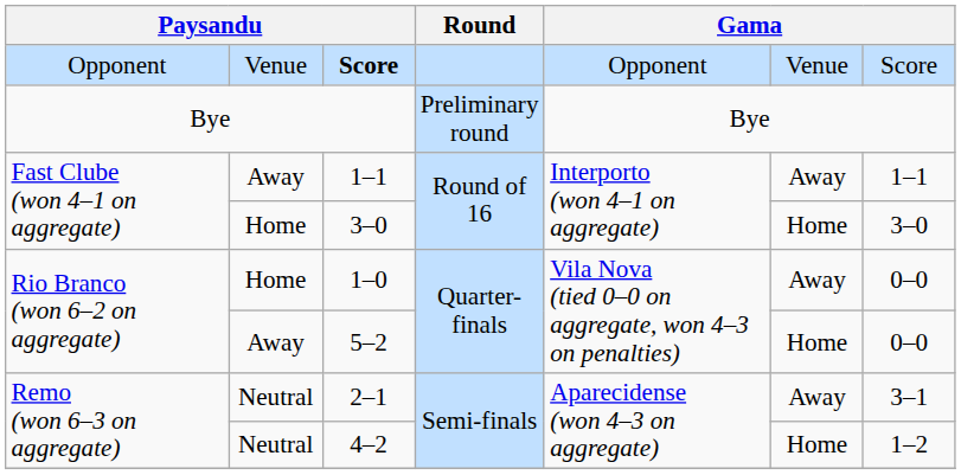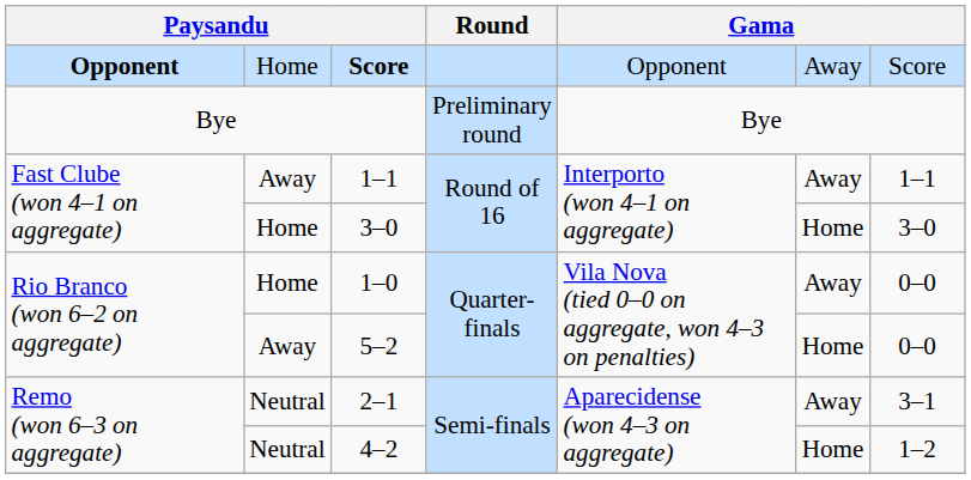 <table class="wikitable" style="text-align: center;">
 <tr>
 <th colspan=3> <a href='#'>Paysandu</a></th>
 <th>Round</th>
 <th colspan=3> <a href='#'>Gama</a></th>
 </tr>
 <tr bgcolor=#c1e0ff>
-<td width=25%>Opponent</td>
-<td width=10%>Venue</td>
+<td width=25%><strong>Opponent</strong></td>
+<td>Home</td>
 <td width=10%><strong>Score</strong></td>
 <td width=10%></td>
 <td width=25%>Opponent</td>
-<td width=10%>Venue</td>
+<td>Away</td>
 <td width=10%>Score</td>
 </tr>
 <tr>
 <td colspan="3" rowspan="1">Bye</td>
 <td rowspan=1 bgcolor=#c1e0ff>Preliminary round</td>
 <td colspan="3" rowspan="1">Bye</td>
 </tr>
 <tr>
 <td rowspan=2 align=left> <a href='#'>Fast Clube</a><br><em>(won 4–1 on aggregate)</em></td>
 <td>Away</td>
 <td>1–1</td>
 <td rowspan=2 bgcolor=#c1e0ff>Round of 16</td>
 <td rowspan=2 align=left> <a href='#'>Interporto</a><br><em>(won 4–1 on aggregate)</em></td>
 <td>Away</td>
 <td>1–1</td>
 </tr>
 <tr>
 <td>Home</td>
 <td>3–0</td>
 <td>Home</td>
 <td>3–0</td>
 </tr>
 <tr>
 <td rowspan=2 align=left> <a href='#'>Rio Branco</a><br><em>(won 6–2 on aggregate)</em></td>
 <td>Home</td>
 <td>1–0</td>
 <td rowspan=2 bgcolor=#c1e0ff>Quarter-finals</td>
 <td rowspan=2 align=left> <a href='#'>Vila Nova</a><br><em>(tied 0–0 on aggregate, won 4–3 on penalties)</em></td>
 <td>Away</td>
 <td>0–0</td>
 </tr>
 <tr>
 <td>Away</td>
 <td>5–2</td>
 <td>Home</td>
 <td>0–0</td>
 </tr>
 <tr>
 <td rowspan=2 align=left> <a href='#'>Remo</a><br><em>(won 6–3 on aggregate)</em></td>
 <td>Neutral</td>
 <td>2–1</td>
 <td rowspan=2 bgcolor=#c1e0ff>Semi-finals</td>
 <td rowspan=2 align=left> <a href='#'>Aparecidense</a><br><em>(won 4–3 on aggregate)</em></td>
 <td>Away</td>
 <td>3–1</td>
 </tr>
 <tr>
 <td>Neutral</td>
 <td>4–2</td>
 <td>Home</td>
 <td>1–2</td>
 </tr>
 <tr>
 </tr>
 </table>
